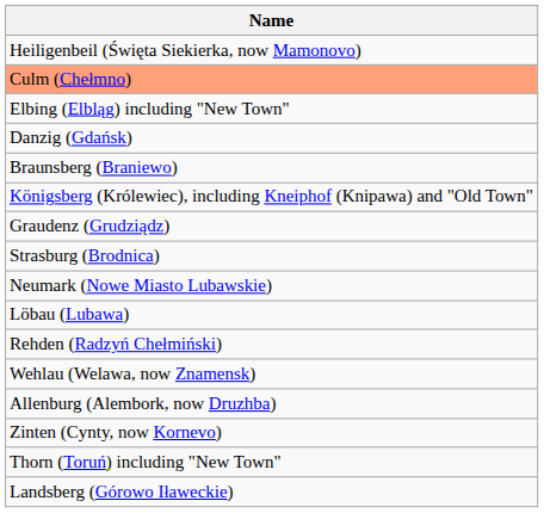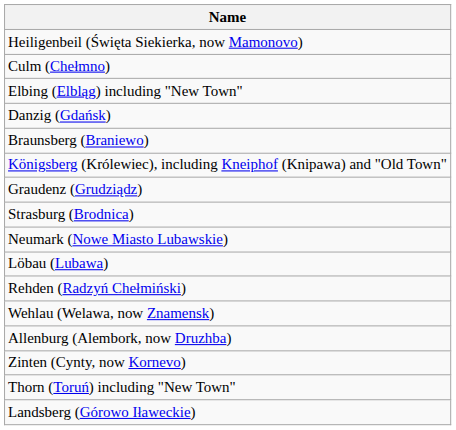 <table class="wikitable" style="font-size:90%">
 <tr>
 <th>Name</th>
 </tr>
 <tr>
 <td>Heiligenbeil (Święta Siekierka, now <a href='#'>Mamonovo</a>)</td>
 </tr>
 <tr>
-<td style="background: lightsalmon;">Culm (<a href='#'>Chełmno</a>)</td>
+<td>Culm (<a href='#'>Chełmno</a>)</td>
 </tr>
 <tr>
 <td>Elbing (<a href='#'>Elbląg</a>) including "New Town"</td>
 </tr>
 <tr>
 <td>Danzig (<a href='#'>Gdańsk</a>)</td>
 </tr>
 <tr>
 <td>Braunsberg (<a href='#'>Braniewo</a>)</td>
 </tr>
 <tr>
 <td><a href='#'>Königsberg</a> (Królewiec), including <a href='#'>Kneiphof</a> (Knipawa) and "Old Town"</td>
 </tr>
 <tr>
 <td>Graudenz (<a href='#'>Grudziądz</a>)</td>
 </tr>
 <tr>
 <td>Strasburg (<a href='#'>Brodnica</a>)</td>
 </tr>
 <tr>
 <td>Neumark (<a href='#'>Nowe Miasto Lubawskie</a>)</td>
 </tr>
 <tr>
 <td>Löbau (<a href='#'>Lubawa</a>)</td>
 </tr>
 <tr>
 <td>Rehden (<a href='#'>Radzyń Chełmiński</a>)</td>
 </tr>
 <tr>
 <td>Wehlau (Welawa, now <a href='#'>Znamensk</a>)</td>
 </tr>
 <tr>
 <td>Allenburg (Alembork, now <a href='#'>Druzhba</a>)</td>
 </tr>
 <tr>
 <td>Zinten (Cynty, now <a href='#'>Kornevo</a>)</td>
 </tr>
 <tr>
 <td>Thorn (<a href='#'>Toruń</a>) including "New Town"</td>
 </tr>
 <tr>
 <td>Landsberg (<a href='#'>Górowo Iławeckie</a>)</td>
 </tr>
 </table>
